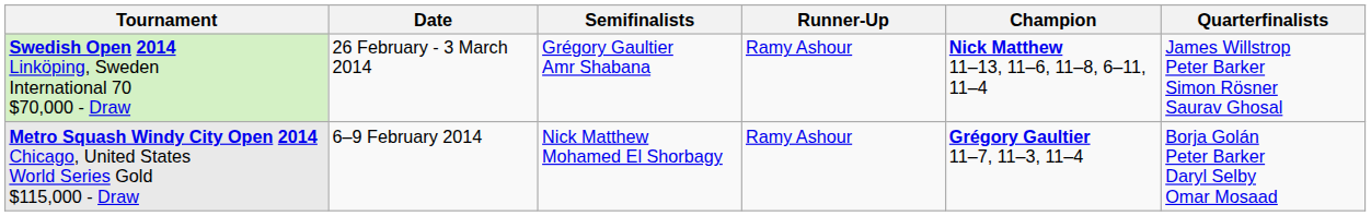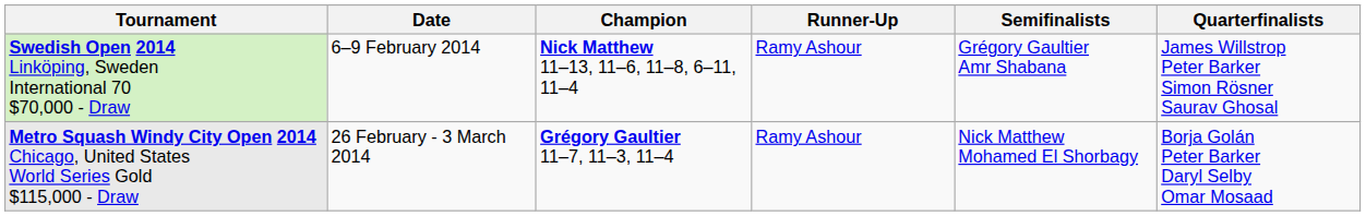 <table class="wikitable" style="font-size:88%">
 <tr>
 <th width=250>Tournament</th>
 <th width=160>Date</th>
+<th width=165>Champion</th>
+<th width=155>Runner-Up</th>
 <th width=155>Semifinalists</th>
-<th width=155>Runner-Up</th>
-<th width=165>Champion</th>
 <th width=155>Quarterfinalists</th>
 </tr>
 <tr valign=top>
 <td style="background:#D4F1C5;"><strong><a href='#'>Swedish Open</a> <a href='#'>2014</a></strong><br> <a href='#'>Linköping</a>, Sweden<br>International 70<br>$70,000 - <a href='#'>Draw</a></td>
-<td>26 February - 3 March 2014</td>
+<td>6–9 February 2014</td>
+<td> <strong><a href='#'>Nick Matthew</a></strong><br>11–13, 11–6, 11–8, 6–11, 11–4</td>
+<td> <a href='#'>Ramy Ashour</a></td>
 <td> <a href='#'>Grégory Gaultier</a><br> <a href='#'>Amr Shabana</a></td>
-<td> <a href='#'>Ramy Ashour</a></td>
-<td> <strong><a href='#'>Nick Matthew</a></strong><br>11–13, 11–6, 11–8, 6–11, 11–4</td>
 <td> <a href='#'>James Willstrop</a><br> <a href='#'>Peter Barker</a><br> <a href='#'>Simon Rösner</a><br> <a href='#'>Saurav Ghosal</a></td>
 </tr>
 <tr valign=top>
 <td style="background:#E9E9E9;"><strong><a href='#'>Metro Squash Windy City Open</a> <a href='#'>2014</a></strong><br> <a href='#'>Chicago</a>, United States<br><a href='#'>World Series</a> Gold<br>$115,000 - <a href='#'>Draw</a></td>
-<td>6–9 February 2014</td>
+<td>26 February - 3 March 2014</td>
+<td> <strong><a href='#'>Grégory Gaultier</a></strong><br>11–7, 11–3, 11–4</td>
+<td> <a href='#'>Ramy Ashour</a></td>
 <td> <a href='#'>Nick Matthew</a><br> <a href='#'>Mohamed El Shorbagy</a></td>
-<td> <a href='#'>Ramy Ashour</a></td>
-<td> <strong><a href='#'>Grégory Gaultier</a></strong><br>11–7, 11–3, 11–4</td>
 <td> <a href='#'>Borja Golán</a><br> <a href='#'>Peter Barker</a><br> <a href='#'>Daryl Selby</a><br> <a href='#'>Omar Mosaad</a></td>
 </tr>
 </table>
